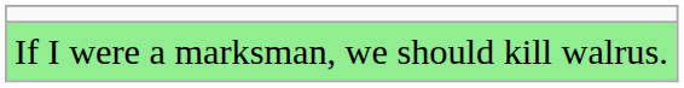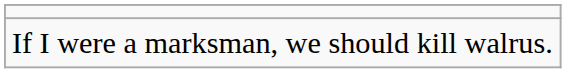 <table class="wikitable">
 <tr>
 <td></td>
 </tr>
 <tr>
-<td style="background: lightgreen;">If I were a marksman, we should kill walrus.</td>
+<td>If I were a marksman, we should kill walrus.</td>
 </tr>
 </table>
